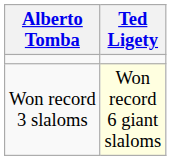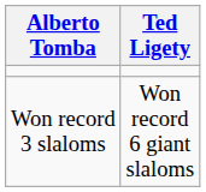 <table class="wikitable" style="text-align:center; border:1px #AAAAFF solid">
 <tr>
 <th> <a href='#'>Alberto Tomba</a></th>
 <th> <a href='#'>Ted Ligety</a></th>
 </tr>
 <tr>
 <td width=75></td>
 <td width=25></td>
 </tr>
 <tr>
 <td>Won record 3 slaloms</td>
-<td style="background: lightyellow;">Won record 6 giant slaloms</td>
+<td>Won record 6 giant slaloms</td>
 </tr>
 </table>
